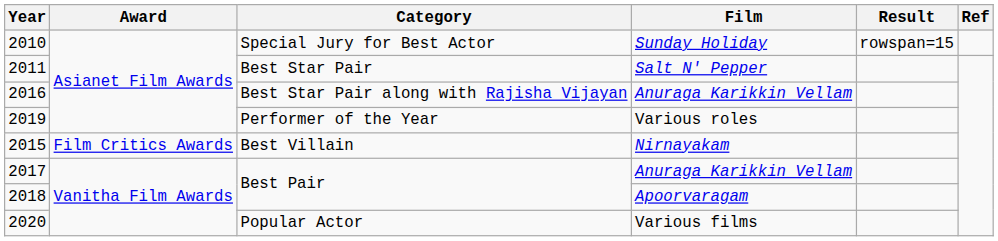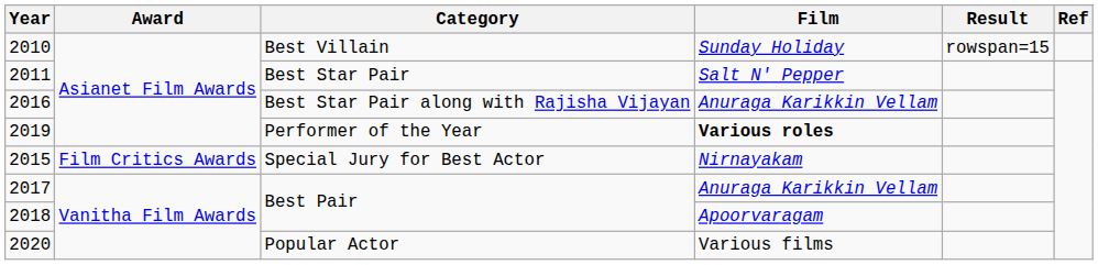 <table class="wikitable sortable">
 <tr>
 <th>Year</th>
 <th>Award</th>
 <th>Category</th>
 <th>Film</th>
 <th>Result</th>
 <th>Ref</th>
 </tr>
 <tr>
 <td>2010</td>
 <td rowspan=4><a href='#'>Asianet Film Awards</a></td>
-<td>Special Jury for Best Actor</td>
+<td>Best Villain</td>
 <td><em><a href='#'>Sunday Holiday</a></em></td>
 <td>rowspan=15 </td>
 <td></td>
 </tr>
 <tr>
 <td>2011</td>
 <td>Best Star Pair</td>
 <td><em><a href='#'>Salt N' Pepper</a></em></td>
 <td><br></td>
 </tr>
 <tr>
 <td>2016</td>
 <td>Best Star Pair along with <a href='#'>Rajisha Vijayan</a></td>
 <td><em><a href='#'>Anuraga Karikkin Vellam</a></em></td>
 <td></td>
 </tr>
 <tr>
 <td>2019</td>
 <td>Performer of the Year</td>
-<td>Various roles</td>
+<td><strong>Various roles</strong></td>
 <td></td>
 </tr>
 <tr>
 <td>2015</td>
 <td><a href='#'>Film Critics Awards</a></td>
-<td>Best Villain</td>
+<td>Special Jury for Best Actor</td>
 <td><em><a href='#'>Nirnayakam</a></em></td>
 <td></td>
 </tr>
 <tr>
 <td>2017</td>
 <td rowspan=3><a href='#'>Vanitha Film Awards</a></td>
 <td rowspan=2>Best Pair</td>
 <td><em><a href='#'>Anuraga Karikkin Vellam</a></em></td>
 <td></td>
 </tr>
 <tr>
 <td>2018</td>
 <td><em><a href='#'>Apoorvaragam</a></em></td>
 <td></td>
 </tr>
 <tr>
 <td>2020</td>
 <td>Popular Actor</td>
 <td>Various films</td>
 <td></td>
 </tr>
 </table>
